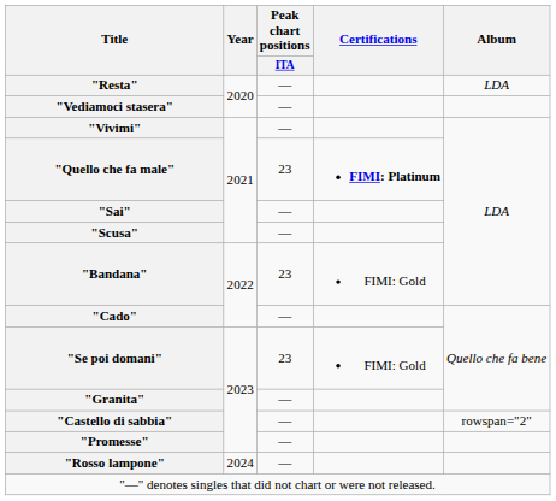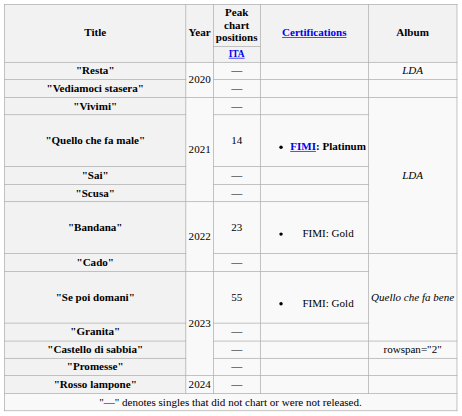 <table class="wikitable plainrowheaders" style="text-align:center;">
 <tr>
 <th scope="col" rowspan="2" style="width:16em;">Title</th>
 <th scope="col" rowspan="2" style="width:1em;">Year</th>
 <th scope="col">Peak chart positions</th>
 <th scope="col" rowspan="2"><a href='#'>Certifications</a></th>
 <th rowspan="2">Album</th>
 </tr>
 <tr>
 <th scope="col" style="width:3em;font-size:85%;"><a href='#'>ITA</a><br></th>
 </tr>
 <tr>
 <th scope="row">"Resta"</th>
 <td rowspan="2">2020</td>
 <td>—</td>
 <td></td>
 <td><em>LDA</em></td>
 </tr>
 <tr>
 <th scope="row">"Vediamoci stasera"<br></th>
 <td>—</td>
 <td></td>
 <td></td>
 </tr>
 <tr>
 <th scope="row">"Vivimi"</th>
 <td rowspan="4">2021</td>
 <td>—</td>
 <td></td>
 <td rowspan="5"><em>LDA</em></td>
 </tr>
 <tr>
 <th scope="row">"Quello che fa male"</th>
-<td>23</td>
+<td>14</td>
 <td><strong><br><ul><li><a href='#'>FIMI</a>: Platinum</li></ul></strong></td>
 </tr>
 <tr>
 <th scope="row">"Sai"</th>
 <td>—</td>
 <td></td>
 </tr>
 <tr>
 <th scope="row">"Scusa"</th>
 <td>—</td>
 <td></td>
 </tr>
 <tr>
 <th scope="row">"Bandana"</th>
 <td rowspan="2">2022</td>
 <td>23</td>
 <td><br><ul><li>FIMI: Gold</li></ul></td>
 </tr>
 <tr>
 <th scope="row">"Cado"<br></th>
 <td>—</td>
 <td></td>
 <td rowspan="3"><em>Quello che fa bene</em></td>
 </tr>
 <tr>
 <th scope="row">"Se poi domani"</th>
 <td rowspan="4">2023</td>
-<td>23</td>
+<td>55</td>
 <td><br><ul><li>FIMI: Gold</li></ul></td>
 </tr>
 <tr>
 <th scope="row">"Granita"</th>
 <td>—</td>
 <td></td>
 </tr>
 <tr>
 <th scope="row">"Castello di sabbia"</th>
 <td>—</td>
 <td></td>
 <td>rowspan="2" </td>
 </tr>
 <tr>
 <th scope="row">"Promesse"</th>
 <td>—</td>
 <td></td>
 </tr>
 <tr>
 <th scope="row">"Rosso lampone"</th>
 <td>2024</td>
 <td>—</td>
 <td></td>
 <td></td>
 </tr>
 <tr>
 <td colspan="5">"—" denotes singles that did not chart or were not released.</td>
 </tr>
 </table>
